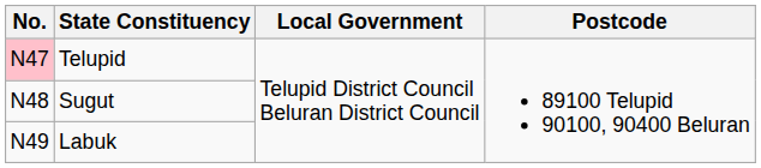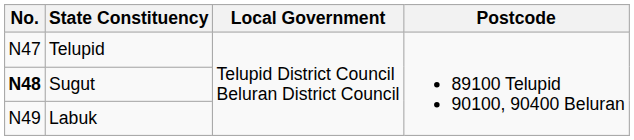 <table class="wikitable">
 <tr>
 <th>No.</th>
 <th>State Constituency</th>
 <th>Local Government</th>
 <th>Postcode</th>
 </tr>
 <tr>
-<td style="background: pink;">N47</td>
+<td>N47</td>
 <td>Telupid</td>
 <td rowspan="3">Telupid District Council<br>Beluran District Council</td>
 <td rowspan="3"><br><ul><li>89100 Telupid</li><li>90100, 90400 Beluran</li></ul></td>
 </tr>
 <tr>
-<td>N48</td>
+<td><strong>N48</strong></td>
 <td>Sugut</td>
 </tr>
 <tr>
 <td>N49</td>
 <td>Labuk</td>
 </tr>
 </table>
